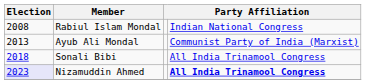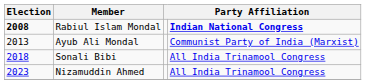 <table class="wikitable">
 <tr>
 <th>Election</th>
 <th>Member</th>
 <th colspan="2">Party Affiliation</th>
 </tr>
 <tr>
-<td>2008</td>
+<td><strong>2008</strong></td>
 <td>Rabiul Islam Mondal</td>
 <td style="background-color: "></td>
-<td><a href='#'>Indian National Congress</a></td>
+<td><strong><a href='#'>Indian National Congress</a></strong></td>
 </tr>
 <tr>
 <td>2013</td>
 <td>Ayub Ali Mondal</td>
 <td style="background-color: "></td>
 <td><a href='#'>Communist Party of India (Marxist)</a></td>
 </tr>
 <tr>
 <td><a href='#'>2018</a></td>
 <td>Sonali Bibi</td>
 <td style="background-color: "></td>
 <td><a href='#'>All India Trinamool Congress</a></td>
 </tr>
 <tr>
-<td style="background: lavender;"><a href='#'>2023</a></td>
+<td><a href='#'>2023</a></td>
 <td>Nizamuddin Ahmed</td>
 <td style="background-color: "></td>
-<td><strong><a href='#'>All India Trinamool Congress</a></strong></td>
+<td><a href='#'>All India Trinamool Congress</a></td>
 </tr>
 <tr>
 </tr>
 </table>
